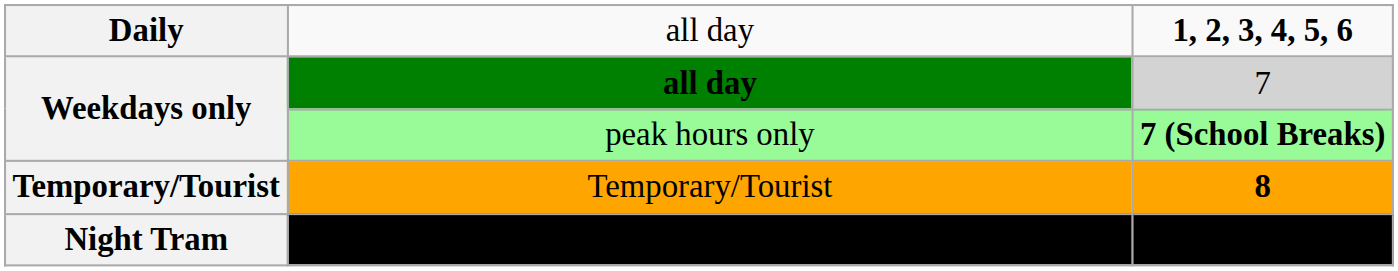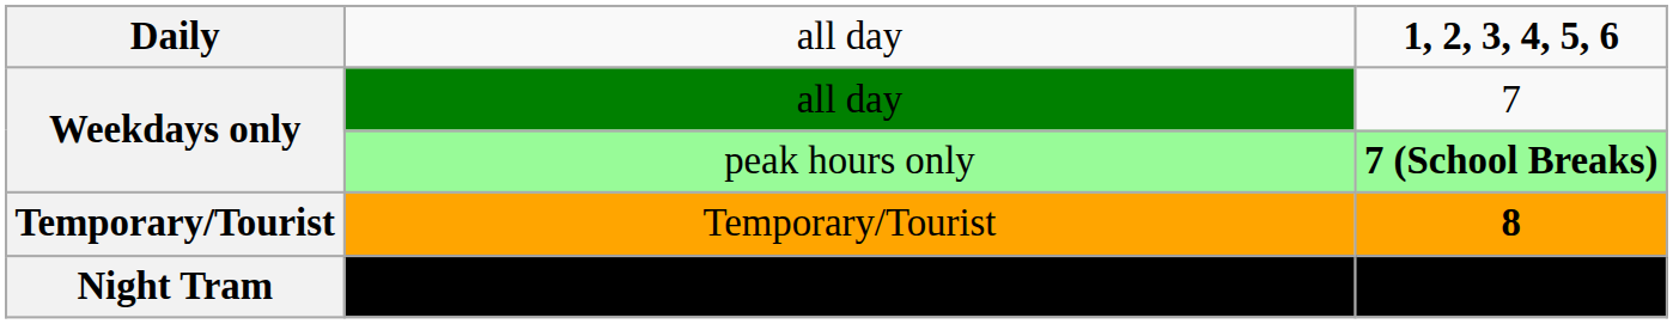 <table class="wikitable" style="text-align:center;">
 <tr>
 <th>Daily</th>
 <td>all day</td>
 <td><strong>1, 2, 3, 4, 5, 6</strong></td>
 </tr>
 <tr>
 <th rowspan=2>Weekdays only</th>
-<td bgcolor="green"><strong>all day</strong></td>
-<td style="background: lightgrey;">7</td>
+<td bgcolor="green">all day</td>
+<td>7</td>
 </tr>
 <tr bgcolor=palegreen>
 <td>peak hours only</td>
 <td><strong>7 (School Breaks)</strong></td>
 </tr>
 <tr>
 <th rowspan=1>Temporary/Tourist</th>
 <td − bgcolor="orange">Temporary/Tourist</td>
 <td bgcolor=orange><strong>8</strong></td>
 </tr>
 <tr>
 <th>Night Tram</th>
 <td bgcolor=black><span>seasonal during summer weekends, and holidays/local festivies</span></td>
 <td bgcolor=black><span><strong>9</strong></span></td>
 </tr>
 </table>
